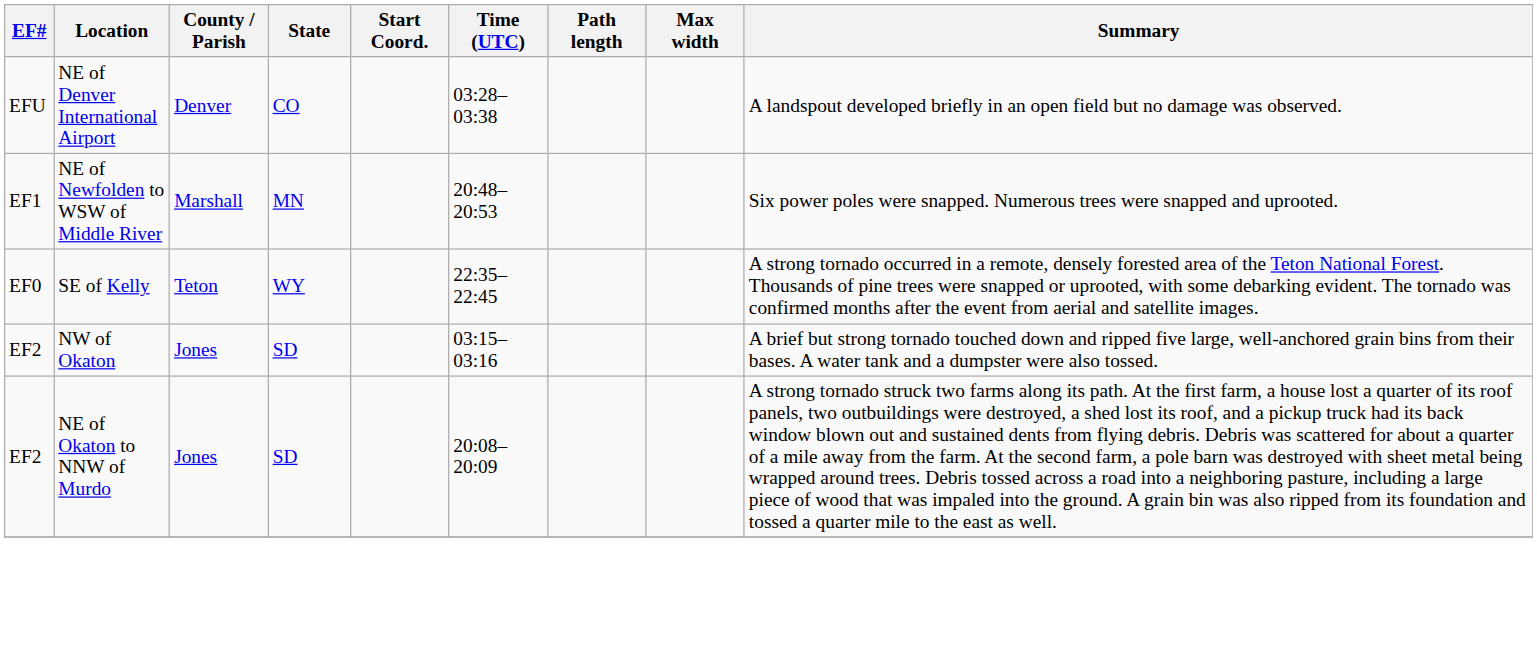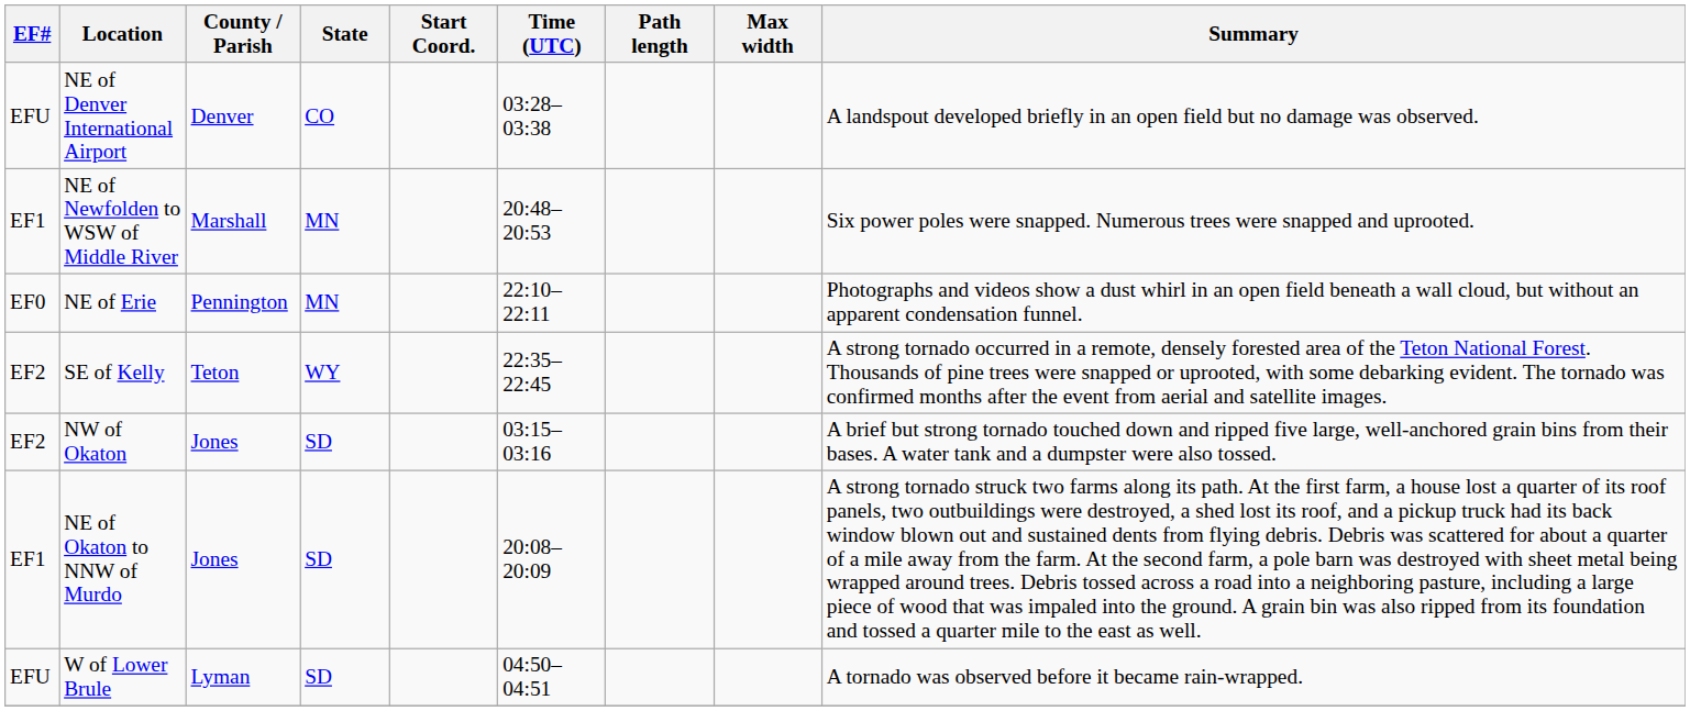 <table class="wikitable sortable" style="width:100%;">
 <tr>
 <th scope="col"  style="width:3%; text-align:center;"><a href='#'>EF#</a></th>
 <th scope="col"  style="width:7%; text-align:center;" class="unsortable">Location</th>
 <th scope="col"  style="width:6%; text-align:center;" class="unsortable">County / Parish</th>
 <th scope="col"  style="width:5%; text-align:center;">State</th>
 <th scope="col"  style="width:6%; text-align:center;">Start Coord.</th>
 <th scope="col"  style="width:6%; text-align:center;">Time (<a href='#'>UTC</a>)</th>
 <th scope="col"  style="width:6%; text-align:center;">Path length</th>
 <th scope="col"  style="width:6%; text-align:center;">Max width</th>
 <th scope="col" class="unsortable" style="width:48%; text-align:center;">Summary</th>
 </tr>
 <tr>
 <td>EFU</td>
 <td>NE of <a href='#'>Denver International Airport</a></td>
 <td><a href='#'>Denver</a></td>
 <td><a href='#'>CO</a></td>
 <td></td>
 <td>03:28–03:38</td>
 <td></td>
 <td></td>
 <td>A landspout developed briefly in an open field but no damage was observed.</td>
 </tr>
 <tr>
 <td>EF1</td>
 <td>NE of <a href='#'>Newfolden</a> to WSW of <a href='#'>Middle River</a></td>
 <td><a href='#'>Marshall</a></td>
 <td><a href='#'>MN</a></td>
 <td></td>
 <td>20:48–20:53</td>
 <td></td>
 <td></td>
 <td>Six power poles were snapped. Numerous trees were snapped and uprooted.</td>
 </tr>
 <tr>
 <td>EF0</td>
+<td>NE of <a href='#'>Erie</a></td>
+<td><a href='#'>Pennington</a></td>
+<td><a href='#'>MN</a></td>
+<td></td>
+<td>22:10–22:11</td>
+<td></td>
+<td></td>
+<td>Photographs and videos show a dust whirl in an open field beneath a wall cloud, but without an apparent condensation funnel.</td>
+</tr>
+<tr>
+<td>EF2</td>
 <td>SE of <a href='#'>Kelly</a></td>
 <td><a href='#'>Teton</a></td>
 <td><a href='#'>WY</a></td>
 <td></td>
 <td>22:35–22:45</td>
 <td></td>
 <td></td>
 <td>A strong tornado occurred in a remote, densely forested area of the <a href='#'>Teton National Forest</a>. Thousands of pine trees were snapped or uprooted, with some debarking evident. The tornado was confirmed months after the event from aerial and satellite images.</td>
 </tr>
 <tr>
 <td>EF2</td>
 <td>NW of <a href='#'>Okaton</a></td>
 <td><a href='#'>Jones</a></td>
 <td><a href='#'>SD</a></td>
 <td></td>
 <td>03:15–03:16</td>
 <td></td>
 <td></td>
 <td>A brief but strong tornado touched down and ripped five large, well-anchored grain bins from their bases. A water tank and a dumpster were also tossed.</td>
 </tr>
 <tr>
-<td>EF2</td>
+<td>EF1</td>
 <td>NE of <a href='#'>Okaton</a> to NNW of <a href='#'>Murdo</a></td>
 <td><a href='#'>Jones</a></td>
 <td><a href='#'>SD</a></td>
 <td></td>
 <td>20:08–20:09</td>
 <td></td>
 <td></td>
 <td>A strong tornado struck two farms along its path. At the first farm, a house lost a quarter of its roof panels, two outbuildings were destroyed, a shed lost its roof, and a pickup truck had its back window blown out and sustained dents from flying debris. Debris was scattered for about a quarter of a mile away from the farm. At the second farm, a pole barn was destroyed with sheet metal being wrapped around trees. Debris tossed across a road into a neighboring pasture, including a large piece of wood that was impaled into the ground. A grain bin was also ripped from its foundation and tossed a quarter mile to the east as well.</td>
 </tr>
 <tr>
+<td>EFU</td>
+<td>W of <a href='#'>Lower Brule</a></td>
+<td><a href='#'>Lyman</a></td>
+<td><a href='#'>SD</a></td>
+<td></td>
+<td>04:50–04:51</td>
+<td></td>
+<td></td>
+<td>A tornado was observed before it became rain-wrapped.</td>
+</tr>
+<tr>
 </tr>
 </table>
